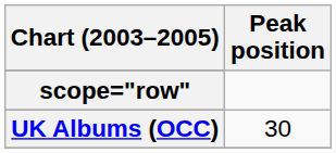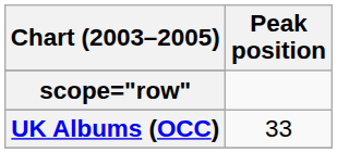 <table class="wikitable sortable plainrowheaders">
 <tr>
 <th scope="col">Chart (2003–2005)</th>
 <th scope="col">Peak<br>position</th>
 </tr>
 <tr>
 </tr>
 <tr>
 </tr>
 <tr>
 </tr>
 <tr>
 </tr>
 <tr>
 </tr>
 <tr>
 </tr>
 <tr>
 <th>scope="row" </th>
 </tr>
 <tr>
 </tr>
 <tr>
 <th scope="row"><a href='#'>UK Albums</a> (<a href='#'>OCC</a>)</th>
-<td align="center">30</td>
+<td align="center">33</td>
 </tr>
 <tr>
 </tr>
 </table>
